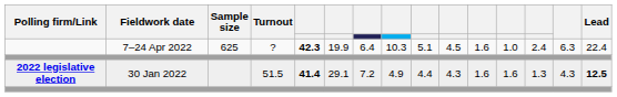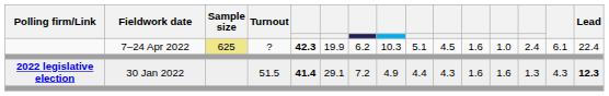 <table class="wikitable sortable mw-datatable" style="text-align:center;font-size:95%;line-height:16px;">
 <tr style="height:42px;">
 <th style="width:145px;" rowspan="2">Polling firm/Link</th>
 <th style="width:145px;" rowspan="2">Fieldwork date</th>
 <th class="unsortable" style="width:50px;" rowspan="2">Sample size</th>
 <th class="unsortable" style="width:45px;" rowspan="2">Turnout</th>
 <th class="sortable" style="width:35px;"></th>
 <th class="sortable" style="width:35px;"></th>
 <th class="sortable" style="width:35px;"></th>
 <th class="sortable" style="width:35px;"></th>
 <th class="sortable" style="width:35px;"></th>
 <th class="sortable" style="width:35px;"></th>
 <th class="sortable" style="width:35px;"></th>
 <th class="sortable" style="width:35px;"></th>
 <th class="sortable" style="width:35px;"></th>
 <th class="unsortable" style="width:35px;" rowspan="2"></th>
 <th class="unsortable" style="width:30px;" rowspan="2">Lead</th>
 </tr>
 <tr>
 <th class="sortable" style="color:inherit;background:"></th>
 <th class="sortable" style="color:inherit;background:"></th>
 <th class="sortable" style="color:inherit;background:#202056;"></th>
 <th class="sortable" style="color:inherit;background:#00ADEF;"></th>
 <th class="sortable" style="color:inherit;background:"></th>
 <th class="sortable" style="color:inherit;background:"></th>
 <th class="sortable" style="color:inherit;background:"></th>
 <th class="sortable" style="color:inherit;background:"></th>
 <th class="sortable" style="color:inherit;background:"></th>
 </tr>
 <tr>
 <td></td>
 <td>7–24 Apr 2022</td>
-<td>625</td>
+<td style="background: khaki;">625</td>
 <td>?</td>
 <td><strong>42.3</strong></td>
 <td>19.9</td>
-<td>6.4</td>
+<td>6.2</td>
 <td>10.3</td>
 <td>5.1</td>
 <td>4.5</td>
 <td>1.6</td>
 <td>1.0</td>
 <td>2.4</td>
-<td>6.3</td>
+<td>6.1</td>
 <td style="background:">22.4</td>
 </tr>
 <tr>
 <td colspan="15" style="background:#A0A0A0"></td>
 </tr>
 <tr style="background:#EFEFEF">
 <td><strong><a href='#'>2022 legislative election</a></strong></td>
 <td>30 Jan 2022</td>
 <td></td>
 <td>51.5</td>
 <td><strong>41.4</strong><br></td>
 <td>29.1<br></td>
 <td>7.2<br></td>
 <td>4.9<br></td>
 <td>4.4<br></td>
 <td>4.3<br></td>
 <td>1.6<br></td>
 <td>1.6<br></td>
 <td>1.3<br></td>
 <td>4.3<br></td>
-<td style="background:"><strong>12.5</strong></td>
+<td style="background:"><strong>12.3</strong></td>
 </tr>
 <tr>
 <td colspan="15" style="background:#A0A0A0"></td>
 </tr>
 </table>
